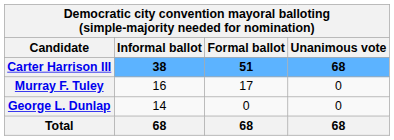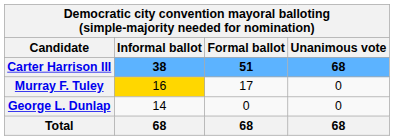 <table class="wikitable sortable" style="text-align:center">
 <tr>
 <th colspan="8"><strong>Democratic city convention mayoral balloting<br>(simple-majority needed for nomination)</strong></th>
 </tr>
 <tr>
 <th>Candidate</th>
 <th>Informal ballot</th>
 <th>Formal ballot</th>
 <th>Unanimous vote</th>
 </tr>
 <tr>
 <th><a href='#'>Carter Harrison III</a></th>
 <td style="background:#5cb3ff"><strong>38</strong></td>
 <td style="background:#5cb3ff"><strong>51</strong></td>
 <td style="background:#5cb3ff"><strong>68</strong></td>
 </tr>
 <tr>
 <th><a href='#'>Murray F. Tuley</a></th>
-<td>16</td>
+<td style="background: gold;">16</td>
 <td>17</td>
 <td>0</td>
 </tr>
 <tr>
 <th><a href='#'>George L. Dunlap</a></th>
 <td>14</td>
 <td>0</td>
 <td>0</td>
 </tr>
 <tr>
 <th>Total</th>
 <th>68</th>
 <th>68</th>
 <th>68</th>
 </tr>
 </table>
